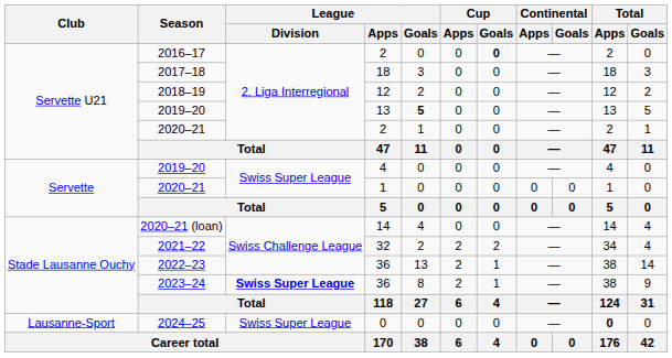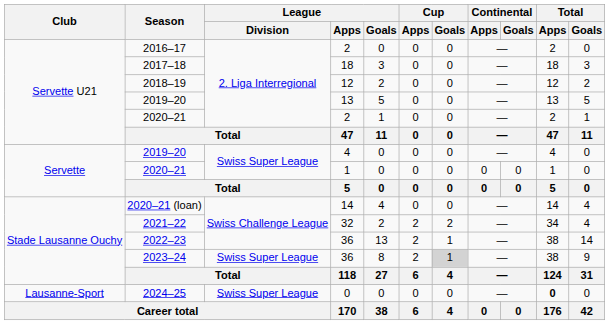 <table class="wikitable" style="text-align:center">
 <tr>
 <th rowspan="2">Club</th>
 <th rowspan="2">Season</th>
 <th colspan="3">League</th>
 <th colspan="2">Cup</th>
 <th colspan="2">Continental</th>
 <th colspan="2">Total</th>
 </tr>
 <tr>
 <th>Division</th>
 <th>Apps</th>
 <th>Goals</th>
 <th>Apps</th>
 <th>Goals</th>
 <th>Apps</th>
 <th>Goals</th>
 <th>Apps</th>
 <th>Goals</th>
 </tr>
 <tr>
 <td rowspan="6"><a href='#'>Servette</a> U21</td>
 <td>2016–17</td>
 <td rowspan="5"><a href='#'>2. Liga Interregional</a></td>
 <td>2</td>
 <td>0</td>
 <td>0</td>
-<td><strong>0</strong></td>
+<td>0</td>
 <td colspan="2">—</td>
 <td>2</td>
 <td>0</td>
 </tr>
 <tr>
 <td>2017–18</td>
 <td>18</td>
 <td>3</td>
 <td>0</td>
 <td>0</td>
 <td colspan="2">—</td>
 <td>18</td>
 <td>3</td>
 </tr>
 <tr>
 <td>2018–19</td>
 <td>12</td>
 <td>2</td>
 <td>0</td>
 <td>0</td>
 <td colspan="2">—</td>
 <td>12</td>
 <td>2</td>
 </tr>
 <tr>
 <td>2019–20</td>
 <td>13</td>
-<td><strong>5</strong></td>
+<td>5</td>
 <td>0</td>
 <td>0</td>
 <td colspan="2">—</td>
 <td>13</td>
 <td>5</td>
 </tr>
 <tr>
 <td>2020–21</td>
 <td>2</td>
 <td>1</td>
 <td>0</td>
 <td>0</td>
 <td colspan="2">—</td>
 <td>2</td>
 <td>1</td>
 </tr>
 <tr>
 <th colspan="2">Total</th>
 <th>47</th>
 <th>11</th>
 <th>0</th>
 <th>0</th>
 <th colspan="2">—</th>
 <th>47</th>
 <th>11</th>
 </tr>
 <tr>
 <td rowspan="3"><a href='#'>Servette</a></td>
 <td><a href='#'>2019–20</a></td>
 <td rowspan="2"><a href='#'>Swiss Super League</a></td>
 <td>4</td>
 <td>0</td>
 <td>0</td>
 <td>0</td>
 <td colspan="2">—</td>
 <td>4</td>
 <td>0</td>
 </tr>
 <tr>
 <td><a href='#'>2020–21</a></td>
 <td>1</td>
 <td>0</td>
 <td>0</td>
 <td>0</td>
 <td>0</td>
 <td>0</td>
 <td>1</td>
 <td>0</td>
 </tr>
 <tr>
 <th colspan="2">Total</th>
 <th>5</th>
 <th>0</th>
 <th>0</th>
 <th>0</th>
 <th>0</th>
 <th>0</th>
 <th>5</th>
 <th>0</th>
 </tr>
 <tr>
 <td rowspan="5"><a href='#'>Stade Lausanne Ouchy</a></td>
 <td><a href='#'>2020–21</a> (loan)</td>
 <td rowspan="3"><a href='#'>Swiss Challenge League</a></td>
 <td>14</td>
 <td>4</td>
 <td>0</td>
 <td>0</td>
 <td colspan="2">—</td>
 <td>14</td>
 <td>4</td>
 </tr>
 <tr>
 <td><a href='#'>2021–22</a></td>
 <td>32</td>
 <td>2</td>
 <td>2</td>
 <td>2</td>
 <td colspan="2">—</td>
 <td>34</td>
 <td>4</td>
 </tr>
 <tr>
 <td><a href='#'>2022–23</a></td>
 <td>36</td>
 <td>13</td>
 <td>2</td>
 <td>1</td>
 <td colspan="2">—</td>
 <td>38</td>
 <td>14</td>
 </tr>
 <tr>
 <td><a href='#'>2023–24</a></td>
-<td><strong><a href='#'>Swiss Super League</a></strong></td>
+<td><a href='#'>Swiss Super League</a></td>
 <td>36</td>
 <td>8</td>
 <td>2</td>
-<td>1</td>
+<td style="background: lightgrey;">1</td>
 <td colspan="2">—</td>
 <td>38</td>
 <td>9</td>
 </tr>
 <tr>
 <th colspan="2">Total</th>
 <th>118</th>
 <th>27</th>
 <th>6</th>
 <th>4</th>
 <th colspan="2">—</th>
 <th>124</th>
 <th>31</th>
 </tr>
 <tr>
 <td><a href='#'>Lausanne-Sport</a></td>
 <td><a href='#'>2024–25</a></td>
 <td><a href='#'>Swiss Super League</a></td>
 <td>0</td>
 <td>0</td>
 <td>0</td>
 <td>0</td>
 <td colspan=2>—</td>
 <td><strong>0</strong></td>
 <td>0</td>
 </tr>
 <tr>
 <th colspan="3">Career total</th>
 <th>170</th>
 <th>38</th>
 <th>6</th>
 <th>4</th>
 <th>0</th>
 <th>0</th>
 <th>176</th>
 <th>42</th>
 </tr>
 </table>
